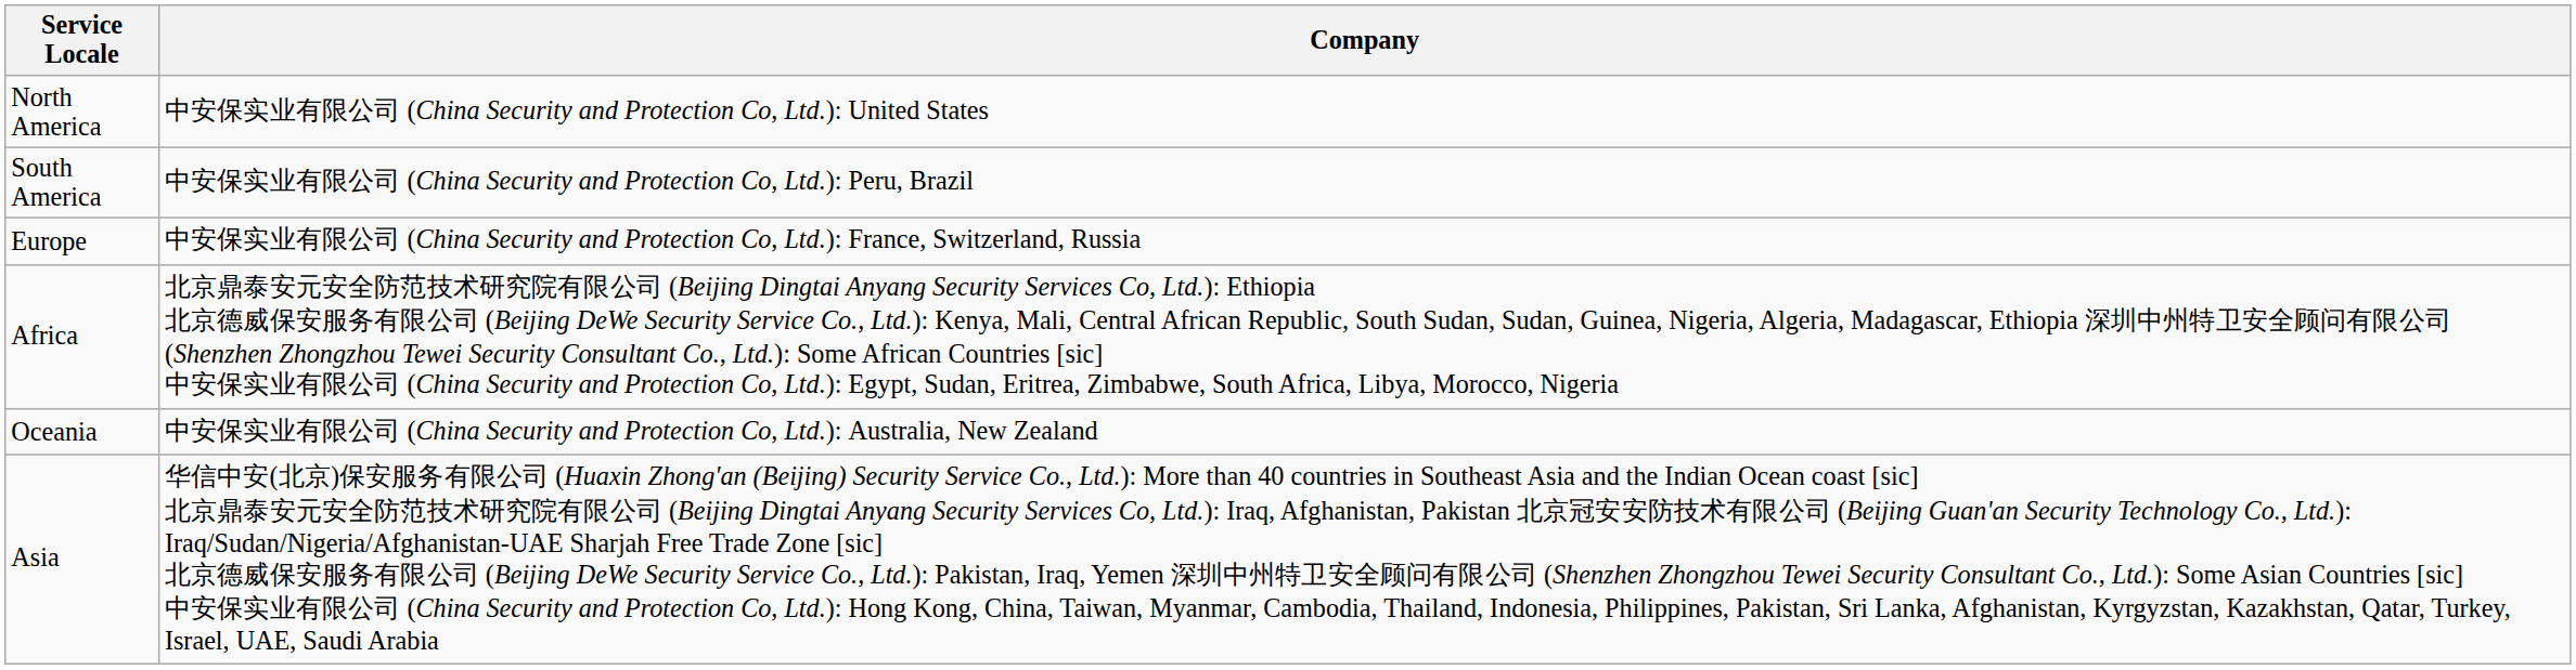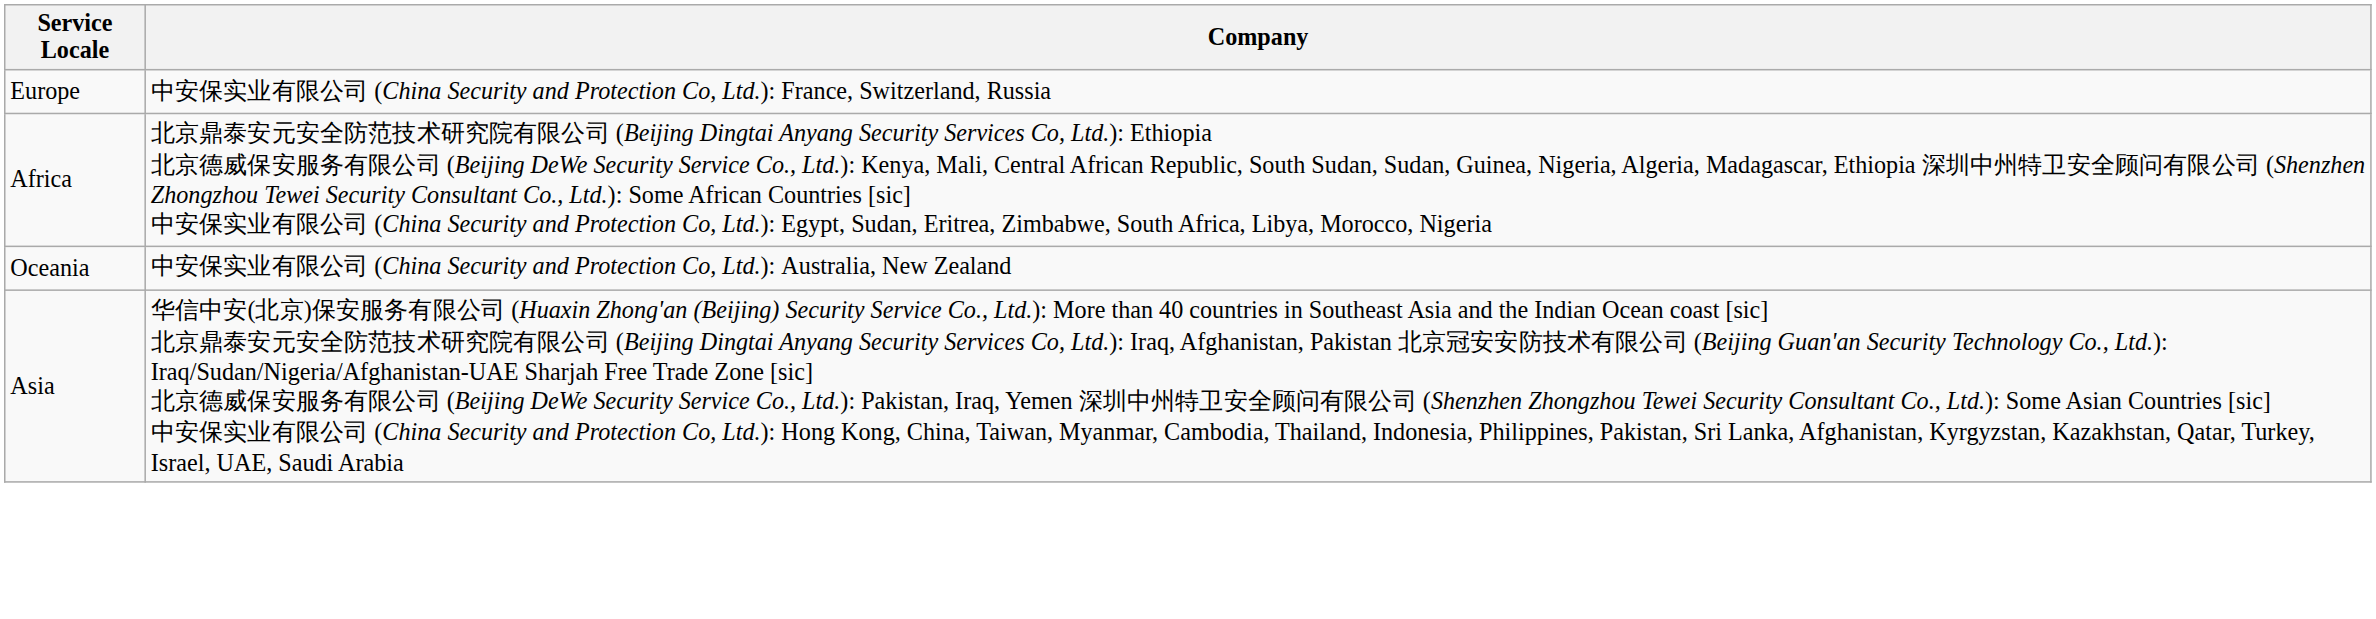 <table class="wikitable">
 <tr>
 <th>Service Locale</th>
 <th>Company</th>
-</tr>
-<tr>
-<td>North America</td>
-<td>中安保实业有限公司 (<em>China Security and Protection Co, Ltd.</em>): United States</td>
-</tr>
-<tr>
-<td>South America</td>
-<td>中安保实业有限公司 (<em>China Security and Protection Co, Ltd.</em>): Peru, Brazil</td>
 </tr>
 <tr>
 <td>Europe</td>
 <td>中安保实业有限公司 (<em>China Security and Protection Co, Ltd.</em>): France, Switzerland, Russia</td>
 </tr>
 <tr>
 <td>Africa</td>
 <td>北京鼎泰安元安全防范技术研究院有限公司 (<em>Beijing Dingtai Anyang Security Services Co, Ltd.</em>): Ethiopia<br>北京德威保安服务有限公司 (<em>Beijing DeWe Security Service Co., Ltd.</em>): Kenya, Mali, Central African Republic, South Sudan, Sudan, Guinea, Nigeria, Algeria, Madagascar, Ethiopia 深圳中州特卫安全顾问有限公司 (<em>Shenzhen Zhongzhou Tewei Security Consultant Co., Ltd.</em>): Some African Countries [sic]<br>中安保实业有限公司 (<em>China Security and Protection Co, Ltd.</em>): Egypt, Sudan, Eritrea, Zimbabwe, South Africa, Libya, Morocco, Nigeria</td>
 </tr>
 <tr>
 <td>Oceania</td>
 <td>中安保实业有限公司 (<em>China Security and Protection Co, Ltd.</em>): Australia, New Zealand</td>
 </tr>
 <tr>
 <td>Asia</td>
 <td>华信中安(北京)保安服务有限公司 (<em>Huaxin Zhong'an (Beijing) Security Service Co., Ltd.</em>): More than 40 countries in Southeast Asia and the Indian Ocean coast [sic]<br>北京鼎泰安元安全防范技术研究院有限公司 (<em>Beijing Dingtai Anyang Security Services Co, Ltd.</em>): Iraq, Afghanistan, Pakistan 北京冠安安防技术有限公司 (<em>Beijing Guan'an Security Technology Co., Ltd.</em>): Iraq/Sudan/Nigeria/Afghanistan-UAE Sharjah Free Trade Zone [sic]<br>北京德威保安服务有限公司 (<em>Beijing DeWe Security Service Co., Ltd.</em>): Pakistan, Iraq, Yemen 深圳中州特卫安全顾问有限公司 (<em>Shenzhen Zhongzhou Tewei Security Consultant Co., Ltd.</em>): Some Asian Countries [sic]<br>中安保实业有限公司 (<em>China Security and Protection Co, Ltd.</em>): Hong Kong, China, Taiwan, Myanmar, Cambodia, Thailand, Indonesia, Philippines, Pakistan, Sri Lanka, Afghanistan, Kyrgyzstan, Kazakhstan, Qatar, Turkey, Israel, UAE, Saudi Arabia</td>
 </tr>
 </table>
